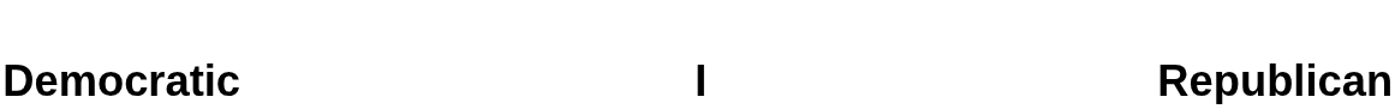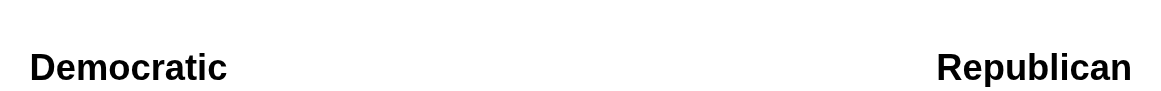 <table style="width:50em; text-align:center">
 <tr style="color:white">
 <td style="background:"><strong>58</strong></td>
-<td style="background:"><strong>1</strong></td>
 <td style="background:"><strong>41</strong></td>
 </tr>
 <tr>
 <td><span><strong>Democratic</strong></span></td>
-<td><strong>I</strong></td>
 <td><span><strong>Republican</strong></span></td>
 </tr>
 </table>
